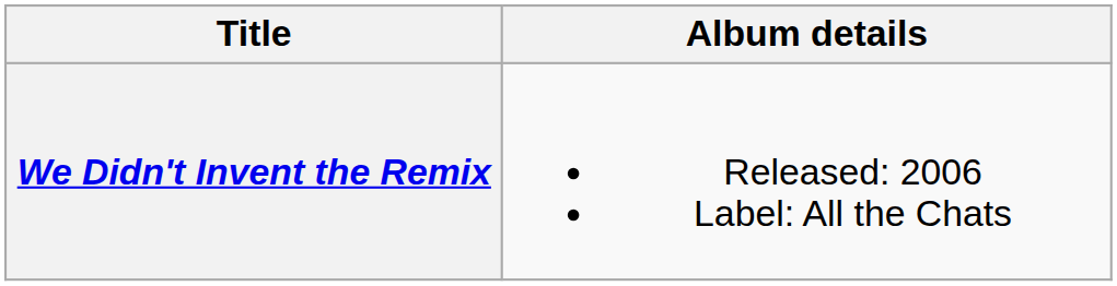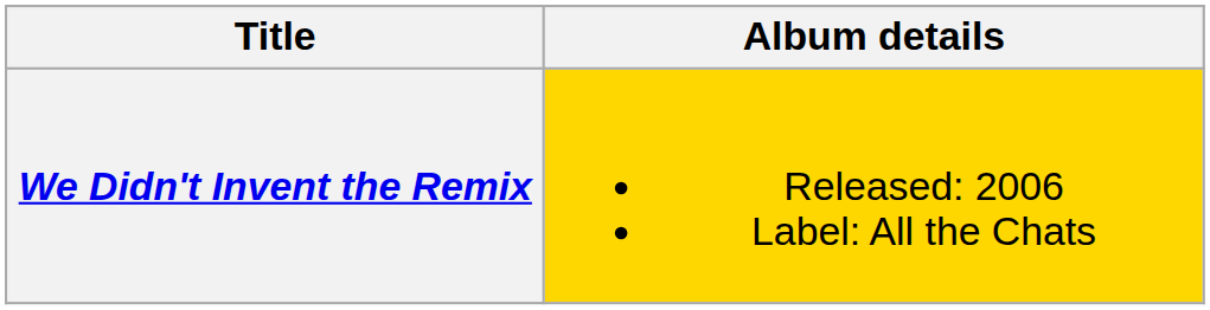 <table class="wikitable plainrowheaders" style="text-align:center;">
 <tr>
 <th scope="col" style="width:13em;">Title</th>
 <th scope="col" style="width:16em;">Album details</th>
 </tr>
 <tr>
 <th scope="row"><em><a href='#'>We Didn't Invent the Remix</a></em></th>
-<td><br><ul><li>Released: 2006</li><li>Label: All the Chats</li></ul></td>
+<td style="background: gold;"><br><ul><li>Released: 2006</li><li>Label: All the Chats</li></ul></td>
 </tr>
 </table>
